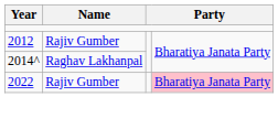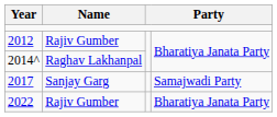 <table class="wikitable">
 <tr>
 <th>Year</th>
 <th>Name</th>
 <th colspan="2">Party</th>
 </tr>
 <tr>
 <td colspan="4"></td>
 </tr>
 <tr>
 <td><a href='#'>2012</a></td>
 <td><a href='#'>Rajiv Gumber</a></td>
 <td rowspan="2" style="background-color:"></td>
 <td rowspan="2"><a href='#'>Bharatiya Janata Party</a></td>
 </tr>
 <tr>
 <td>2014^</td>
 <td><a href='#'>Raghav Lakhanpal</a></td>
 </tr>
 <tr>
+<td><a href='#'>2017</a></td>
+<td><a href='#'>Sanjay Garg</a></td>
+<td style="background-color:"></td>
+<td><a href='#'>Samajwadi Party</a></td>
+</tr>
+<tr>
 <td><a href='#'>2022</a></td>
 <td><a href='#'>Rajiv Gumber</a></td>
 <td style="background-color:"></td>
-<td style="background: pink;"><a href='#'>Bharatiya Janata Party</a></td>
+<td><a href='#'>Bharatiya Janata Party</a></td>
 </tr>
 </table>
